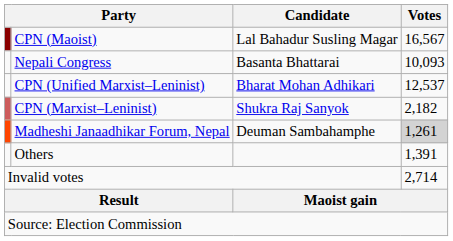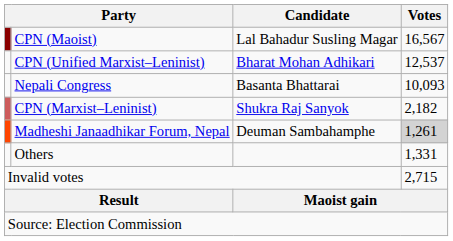 <table class="wikitable">
 <tr>
 <th colspan="2">Party</th>
 <th>Candidate</th>
 <th>Votes</th>
 </tr>
 <tr>
 <td style="background-color:darkred"></td>
 <td><a href='#'>CPN (Maoist)</a></td>
 <td>Lal Bahadur Susling Magar</td>
 <td>16,567</td>
 </tr>
 <tr>
 <td style="background-color:"></td>
+<td><a href='#'>CPN (Unified Marxist–Leninist)</a></td>
+<td><a href='#'>Bharat Mohan Adhikari</a></td>
+<td>12,537</td>
+</tr>
+<tr>
+<td style="background-color:"></td>
 <td><a href='#'>Nepali Congress</a></td>
 <td>Basanta Bhattarai</td>
 <td>10,093</td>
-</tr>
-<tr>
-<td style="background-color:"></td>
-<td><a href='#'>CPN (Unified Marxist–Leninist)</a></td>
-<td><a href='#'>Bharat Mohan Adhikari</a></td>
-<td>12,537</td>
 </tr>
 <tr>
 <td style="background-color:indianred"></td>
 <td><a href='#'>CPN (Marxist–Leninist)</a></td>
 <td><a href='#'>Shukra Raj Sanyok</a></td>
 <td>2,182</td>
 </tr>
 <tr>
 <td style="background-color:orangered"></td>
 <td><a href='#'>Madheshi Janaadhikar Forum, Nepal</a></td>
 <td>Deuman Sambahamphe</td>
 <td style="background: lightgrey;">1,261</td>
 </tr>
 <tr>
 <td></td>
 <td>Others</td>
 <td></td>
-<td>1,391</td>
+<td>1,331</td>
 </tr>
 <tr>
 <td colspan="3">Invalid votes</td>
-<td>2,714</td>
+<td>2,715</td>
 </tr>
 <tr>
 <th colspan="2">Result</th>
 <th colspan="2">Maoist gain</th>
 </tr>
 <tr>
 <td colspan="4">Source: Election Commission</td>
 </tr>
 </table>
